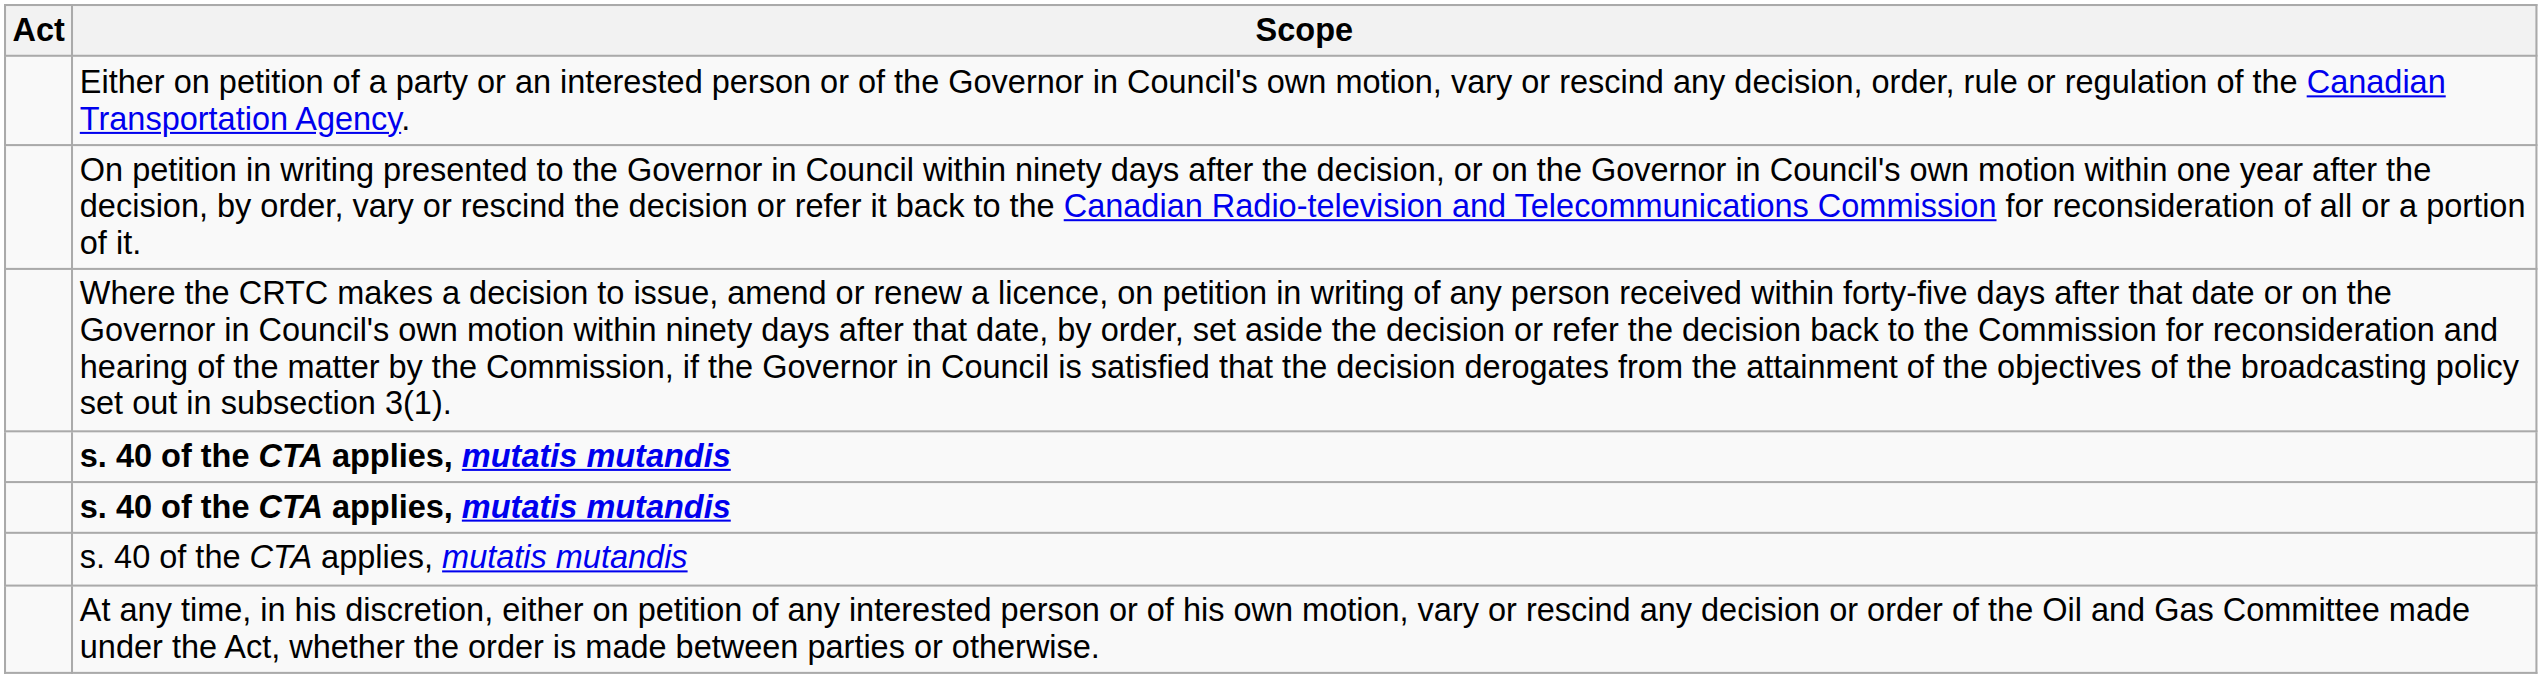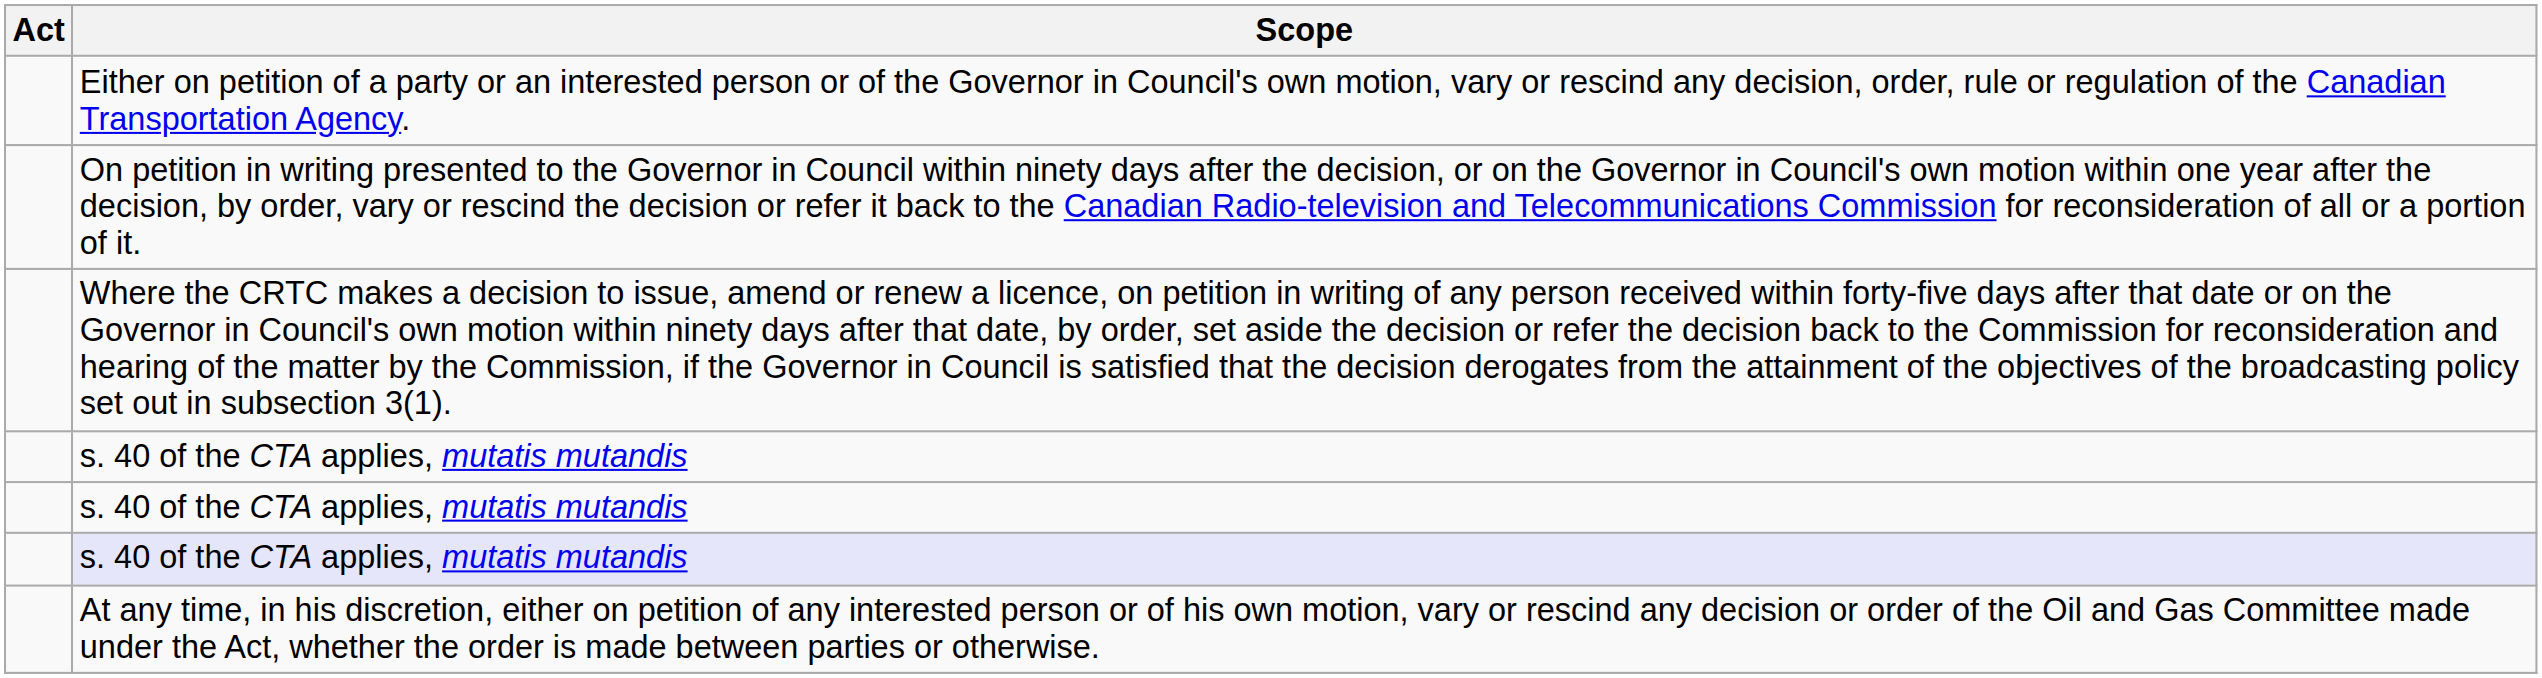 <table class = "wikitable">
 <tr>
 <th>Act</th>
 <th>Scope</th>
 </tr>
 <tr valign = "top">
 <td></td>
 <td>Either on petition of a party or an interested person or of the Governor in Council's own motion, vary or rescind any decision, order, rule or regulation of the <a href='#'>Canadian Transportation Agency</a>.</td>
 </tr>
 <tr valign = "top">
 <td></td>
 <td>On petition in writing presented to the Governor in Council within ninety days after the decision, or on the Governor in Council's own motion within one year after the decision, by order, vary or rescind the decision or refer it back to the <a href='#'>Canadian Radio-television and Telecommunications Commission</a> for reconsideration of all or a portion of it.</td>
 </tr>
 <tr valign = "top">
 <td></td>
 <td>Where the CRTC makes a decision to issue, amend or renew a licence, on petition in writing of any person received within forty-five days after that date or on the Governor in Council's own motion within ninety days after that date, by order, set aside the decision or refer the decision back to the Commission for reconsideration and hearing of the matter by the Commission, if the Governor in Council is satisfied that the decision derogates from the attainment of the objectives of the broadcasting policy set out in subsection 3(1).</td>
 </tr>
 <tr valign = "top">
 <td></td>
-<td><strong>s. 40 of the <em>CTA</em> applies, <em><a href='#'>mutatis mutandis</a></em></strong></td>
-</tr>
-<tr valign = "top">
-<td></td>
-<td><strong>s. 40 of the <em>CTA</em> applies, <em><a href='#'>mutatis mutandis</a></em></strong></td>
+<td>s. 40 of the <em>CTA</em> applies, <em><a href='#'>mutatis mutandis</a></em></td>
 </tr>
 <tr valign = "top">
 <td></td>
 <td>s. 40 of the <em>CTA</em> applies, <em><a href='#'>mutatis mutandis</a></em></td>
 </tr>
 <tr valign = "top">
 <td></td>
+<td style="background: lavender;">s. 40 of the <em>CTA</em> applies, <em><a href='#'>mutatis mutandis</a></em></td>
+</tr>
+<tr valign = "top">
+<td></td>
 <td>At any time, in his discretion, either on petition of any interested person or of his own motion, vary or rescind any decision or order of the Oil and Gas Committee made under the Act, whether the order is made between parties or otherwise.</td>
 </tr>
 </table>
